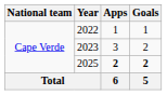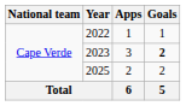 <table class=wikitable style=text-align:center>
 <tr>
 <th>National team</th>
 <th>Year</th>
 <th>Apps</th>
 <th>Goals</th>
 </tr>
 <tr>
 <td rowspan=3><a href='#'>Cape Verde</a></td>
 <td>2022</td>
 <td>1</td>
 <td>1</td>
 </tr>
 <tr>
 <td>2023</td>
 <td>3</td>
-<td>2</td>
+<td><strong>2</strong></td>
 </tr>
 <tr>
 <td>2025</td>
-<td><strong>2</strong></td>
-<td><strong>2</strong></td>
+<td>2</td>
+<td>2</td>
 </tr>
 <tr>
 <th colspan=2>Total</th>
 <th>6</th>
 <th>5</th>
 </tr>
 </table>
